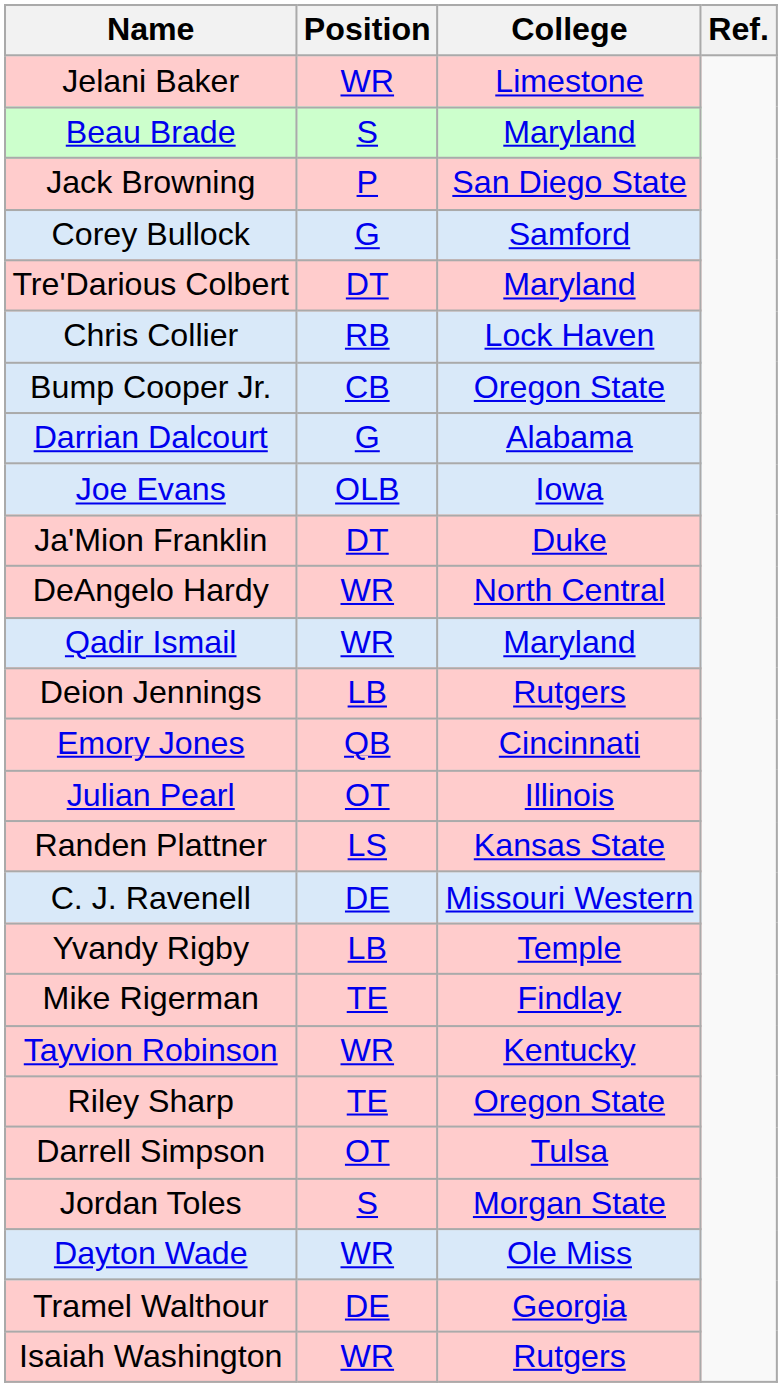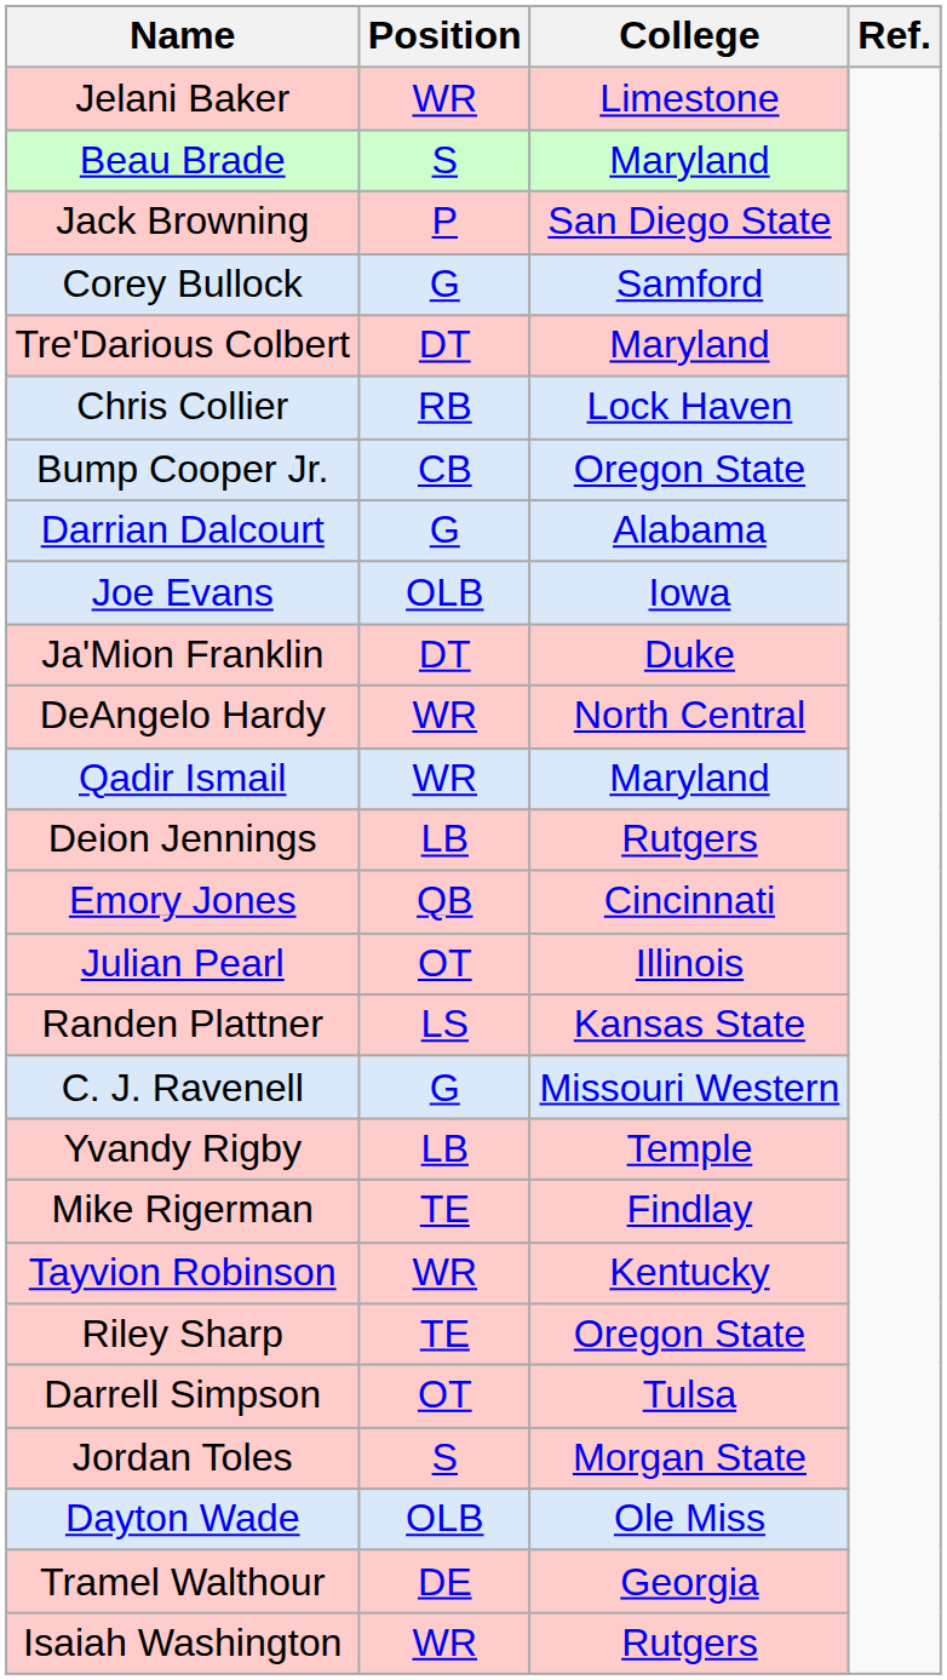 <table class="wikitable" style="text-align:center">
 <tr>
 <th>Name</th>
 <th>Position</th>
 <th>College</th>
 <th>Ref.</th>
 </tr>
 <tr>
 <td style="background:#ffcccc">Jelani Baker</td>
 <td style="background:#ffcccc"><a href='#'>WR</a></td>
 <td style="background:#ffcccc"><a href='#'>Limestone</a></td>
 <td rowspan="26"></td>
 </tr>
 <tr>
 <td style="background:#ccffcc"><a href='#'>Beau Brade</a></td>
 <td style="background:#ccffcc"><a href='#'>S</a></td>
 <td style="background:#ccffcc"><a href='#'>Maryland</a></td>
 </tr>
 <tr>
 <td style="background:#ffcccc">Jack Browning</td>
 <td style="background:#ffcccc"><a href='#'>P</a></td>
 <td style="background:#ffcccc"><a href='#'>San Diego State</a></td>
 </tr>
 <tr>
 <td style="background:#d9e9f9">Corey Bullock</td>
 <td style="background:#d9e9f9"><a href='#'>G</a></td>
 <td style="background:#d9e9f9"><a href='#'>Samford</a></td>
 </tr>
 <tr>
 <td style="background:#ffcccc">Tre'Darious Colbert</td>
 <td style="background:#ffcccc"><a href='#'>DT</a></td>
 <td style="background:#ffcccc"><a href='#'>Maryland</a></td>
 </tr>
 <tr>
 <td style="background:#d9e9f9">Chris Collier</td>
 <td style="background:#d9e9f9"><a href='#'>RB</a></td>
 <td style="background:#d9e9f9"><a href='#'>Lock Haven</a></td>
 </tr>
 <tr>
 <td style="background:#d9e9f9">Bump Cooper Jr.</td>
 <td style="background:#d9e9f9"><a href='#'>CB</a></td>
 <td style="background:#d9e9f9"><a href='#'>Oregon State</a></td>
 </tr>
 <tr>
 <td style="background:#d9e9f9"><a href='#'>Darrian Dalcourt</a></td>
 <td style="background:#d9e9f9"><a href='#'>G</a></td>
 <td style="background:#d9e9f9"><a href='#'>Alabama</a></td>
 </tr>
 <tr>
 <td style="background:#d9e9f9"><a href='#'>Joe Evans</a></td>
 <td style="background:#d9e9f9"><a href='#'>OLB</a></td>
 <td style="background:#d9e9f9"><a href='#'>Iowa</a></td>
 </tr>
 <tr>
 <td style="background:#ffcccc">Ja'Mion Franklin</td>
 <td style="background:#ffcccc"><a href='#'>DT</a></td>
 <td style="background:#ffcccc"><a href='#'>Duke</a></td>
 </tr>
 <tr>
 <td style="background:#ffcccc">DeAngelo Hardy</td>
 <td style="background:#ffcccc"><a href='#'>WR</a></td>
 <td style="background:#ffcccc"><a href='#'>North Central</a></td>
 </tr>
 <tr>
 <td style="background:#d9e9f9"><a href='#'>Qadir Ismail</a></td>
 <td style="background:#d9e9f9"><a href='#'>WR</a></td>
 <td style="background:#d9e9f9"><a href='#'>Maryland</a></td>
 </tr>
 <tr>
 <td style="background:#ffcccc">Deion Jennings</td>
 <td style="background:#ffcccc"><a href='#'>LB</a></td>
 <td style="background:#ffcccc"><a href='#'>Rutgers</a></td>
 </tr>
 <tr>
 <td style="background:#ffcccc"><a href='#'>Emory Jones</a></td>
 <td style="background:#ffcccc"><a href='#'>QB</a></td>
 <td style="background:#ffcccc"><a href='#'>Cincinnati</a></td>
 </tr>
 <tr>
 <td style="background:#ffcccc"><a href='#'>Julian Pearl</a></td>
 <td style="background:#ffcccc"><a href='#'>OT</a></td>
 <td style="background:#ffcccc"><a href='#'>Illinois</a></td>
 </tr>
 <tr>
 <td style="background:#ffcccc">Randen Plattner</td>
 <td style="background:#ffcccc"><a href='#'>LS</a></td>
 <td style="background:#ffcccc"><a href='#'>Kansas State</a></td>
 </tr>
 <tr>
 <td style="background:#d9e9f9">C. J. Ravenell</td>
-<td style="background:#d9e9f9"><a href='#'>DE</a></td>
+<td style="background:#d9e9f9"><a href='#'>G</a></td>
 <td style="background:#d9e9f9"><a href='#'>Missouri Western</a></td>
 </tr>
 <tr>
 <td style="background:#ffcccc">Yvandy Rigby</td>
 <td style="background:#ffcccc"><a href='#'>LB</a></td>
 <td style="background:#ffcccc"><a href='#'>Temple</a></td>
 </tr>
 <tr>
 <td style="background:#ffcccc">Mike Rigerman</td>
 <td style="background:#ffcccc"><a href='#'>TE</a></td>
 <td style="background:#ffcccc"><a href='#'>Findlay</a></td>
 </tr>
 <tr>
 <td style="background:#ffcccc"><a href='#'>Tayvion Robinson</a></td>
 <td style="background:#ffcccc"><a href='#'>WR</a></td>
 <td style="background:#ffcccc"><a href='#'>Kentucky</a></td>
 </tr>
 <tr>
 <td style="background:#ffcccc">Riley Sharp</td>
 <td style="background:#ffcccc"><a href='#'>TE</a></td>
 <td style="background:#ffcccc"><a href='#'>Oregon State</a></td>
 </tr>
 <tr>
 <td style="background:#ffcccc">Darrell Simpson</td>
 <td style="background:#ffcccc"><a href='#'>OT</a></td>
 <td style="background:#ffcccc"><a href='#'>Tulsa</a></td>
 </tr>
 <tr>
 <td style="background:#ffcccc">Jordan Toles</td>
 <td style="background:#ffcccc"><a href='#'>S</a></td>
 <td style="background:#ffcccc"><a href='#'>Morgan State</a></td>
 </tr>
 <tr>
 <td style="background:#d9e9f9"><a href='#'>Dayton Wade</a></td>
-<td style="background:#d9e9f9"><a href='#'>WR</a></td>
+<td style="background:#d9e9f9"><a href='#'>OLB</a></td>
 <td style="background:#d9e9f9"><a href='#'>Ole Miss</a></td>
 </tr>
 <tr>
 <td style="background:#ffcccc">Tramel Walthour</td>
 <td style="background:#ffcccc"><a href='#'>DE</a></td>
 <td style="background:#ffcccc"><a href='#'>Georgia</a></td>
 </tr>
 <tr>
 <td style="background:#ffcccc">Isaiah Washington</td>
 <td style="background:#ffcccc"><a href='#'>WR</a></td>
 <td style="background:#ffcccc"><a href='#'>Rutgers</a></td>
 </tr>
 </table>
